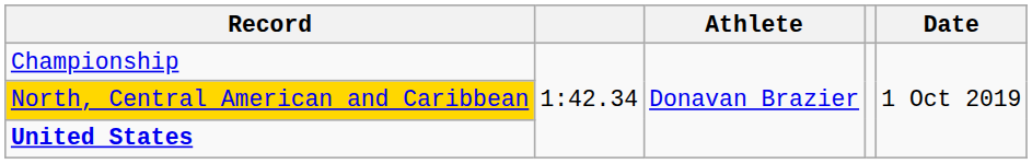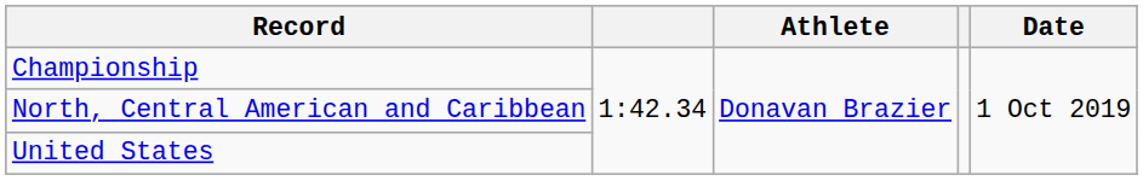 <table class="wikitable">
 <tr>
 <th>Record</th>
 <th></th>
 <th>Athlete</th>
 <th></th>
 <th>Date</th>
 </tr>
 <tr>
 <td><a href='#'>Championship</a></td>
 <td rowspan=3>1:42.34</td>
 <td rowspan=3><a href='#'>Donavan Brazier</a></td>
 <td rowspan=3></td>
 <td rowspan=3 align=right>1 Oct 2019</td>
 </tr>
 <tr>
-<td style="background: gold;"><a href='#'>North, Central American and Caribbean</a></td>
+<td><a href='#'>North, Central American and Caribbean</a></td>
 </tr>
 <tr>
-<td><strong><a href='#'>United States</a></strong></td>
+<td><a href='#'>United States</a></td>
 </tr>
 </table>
